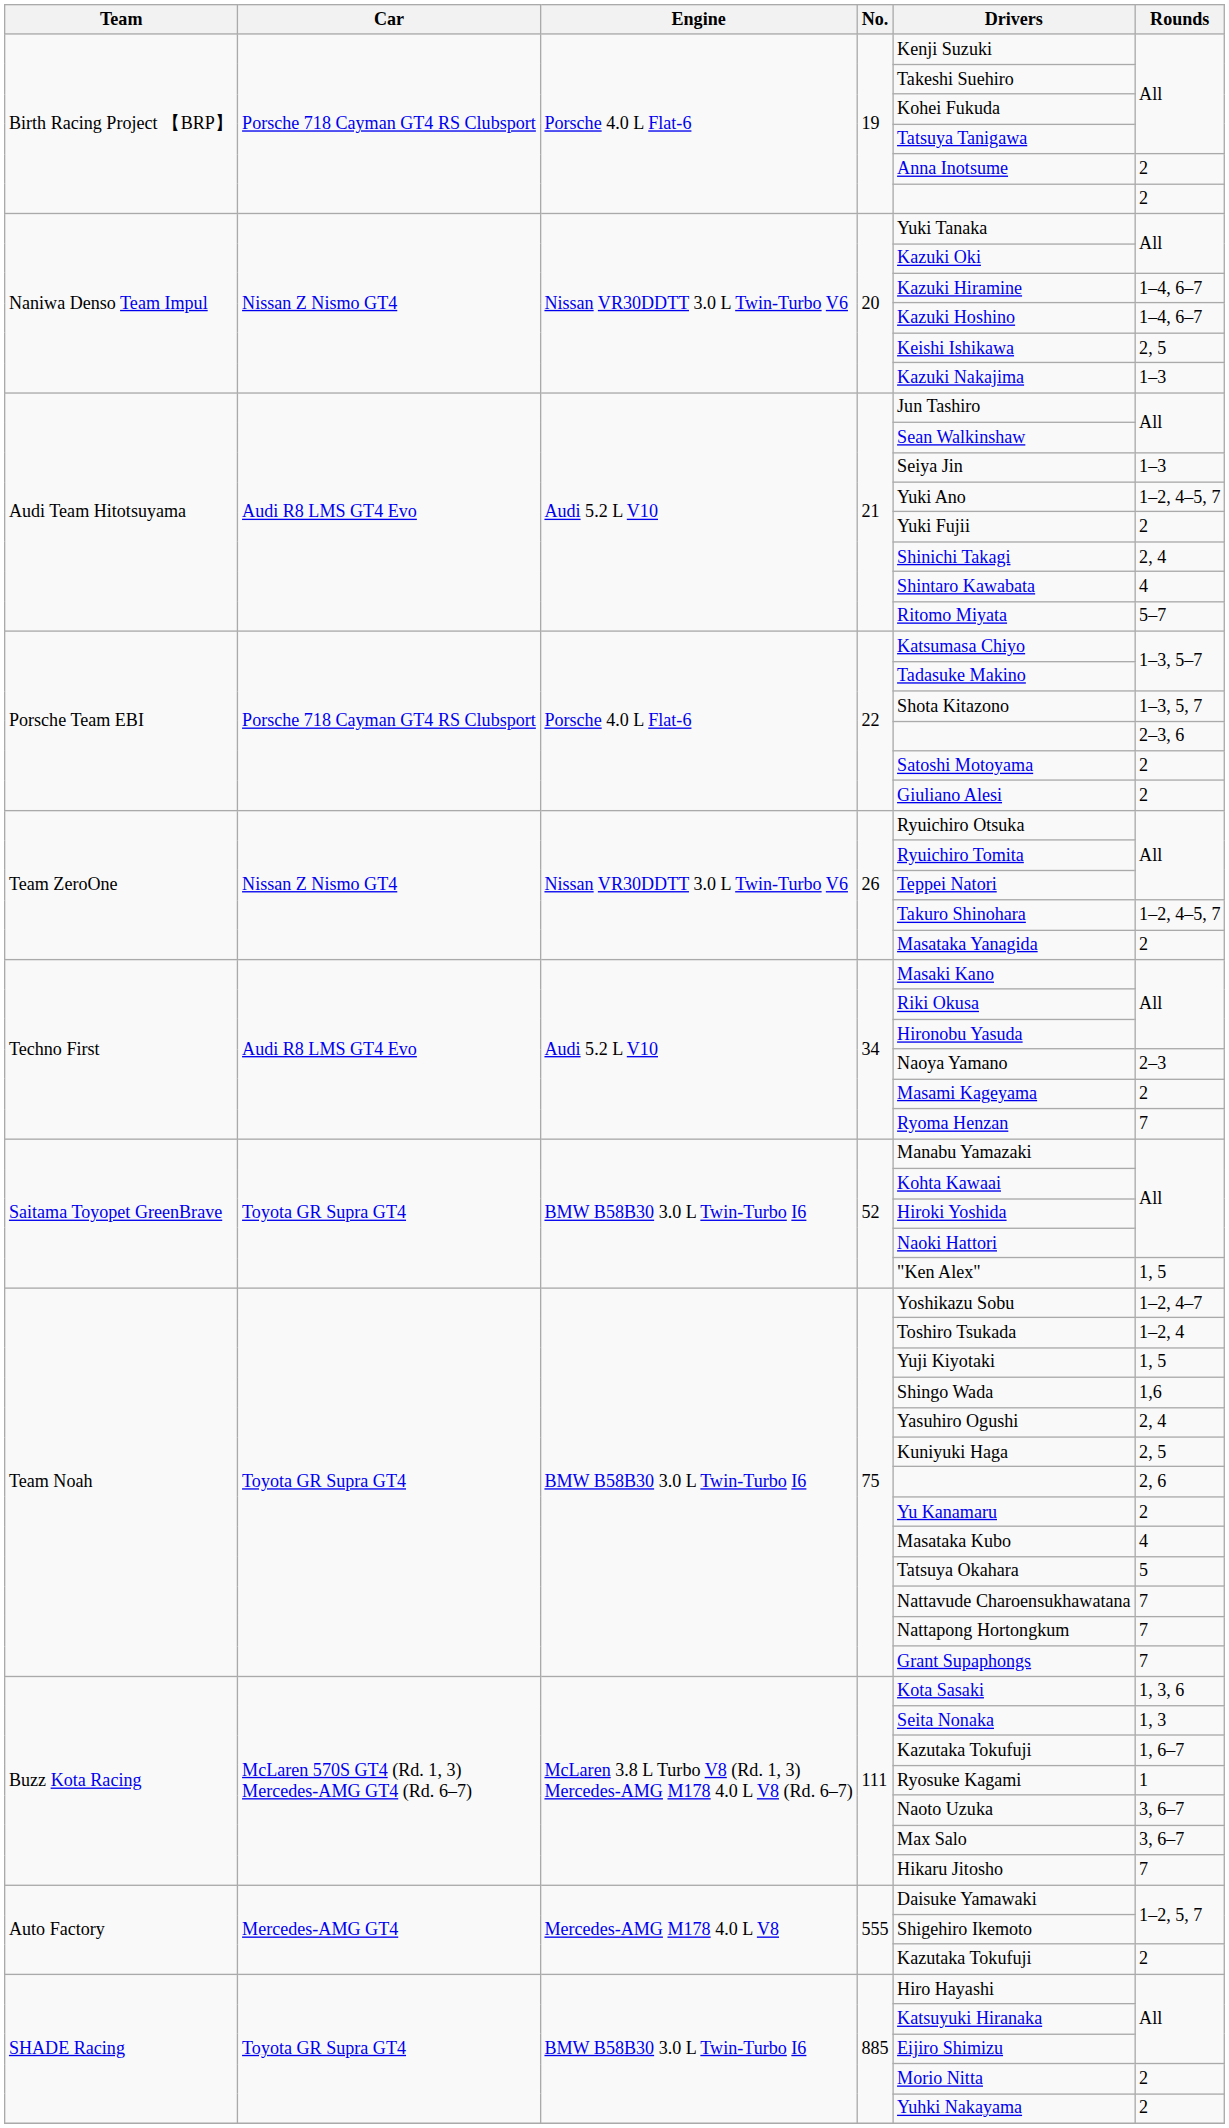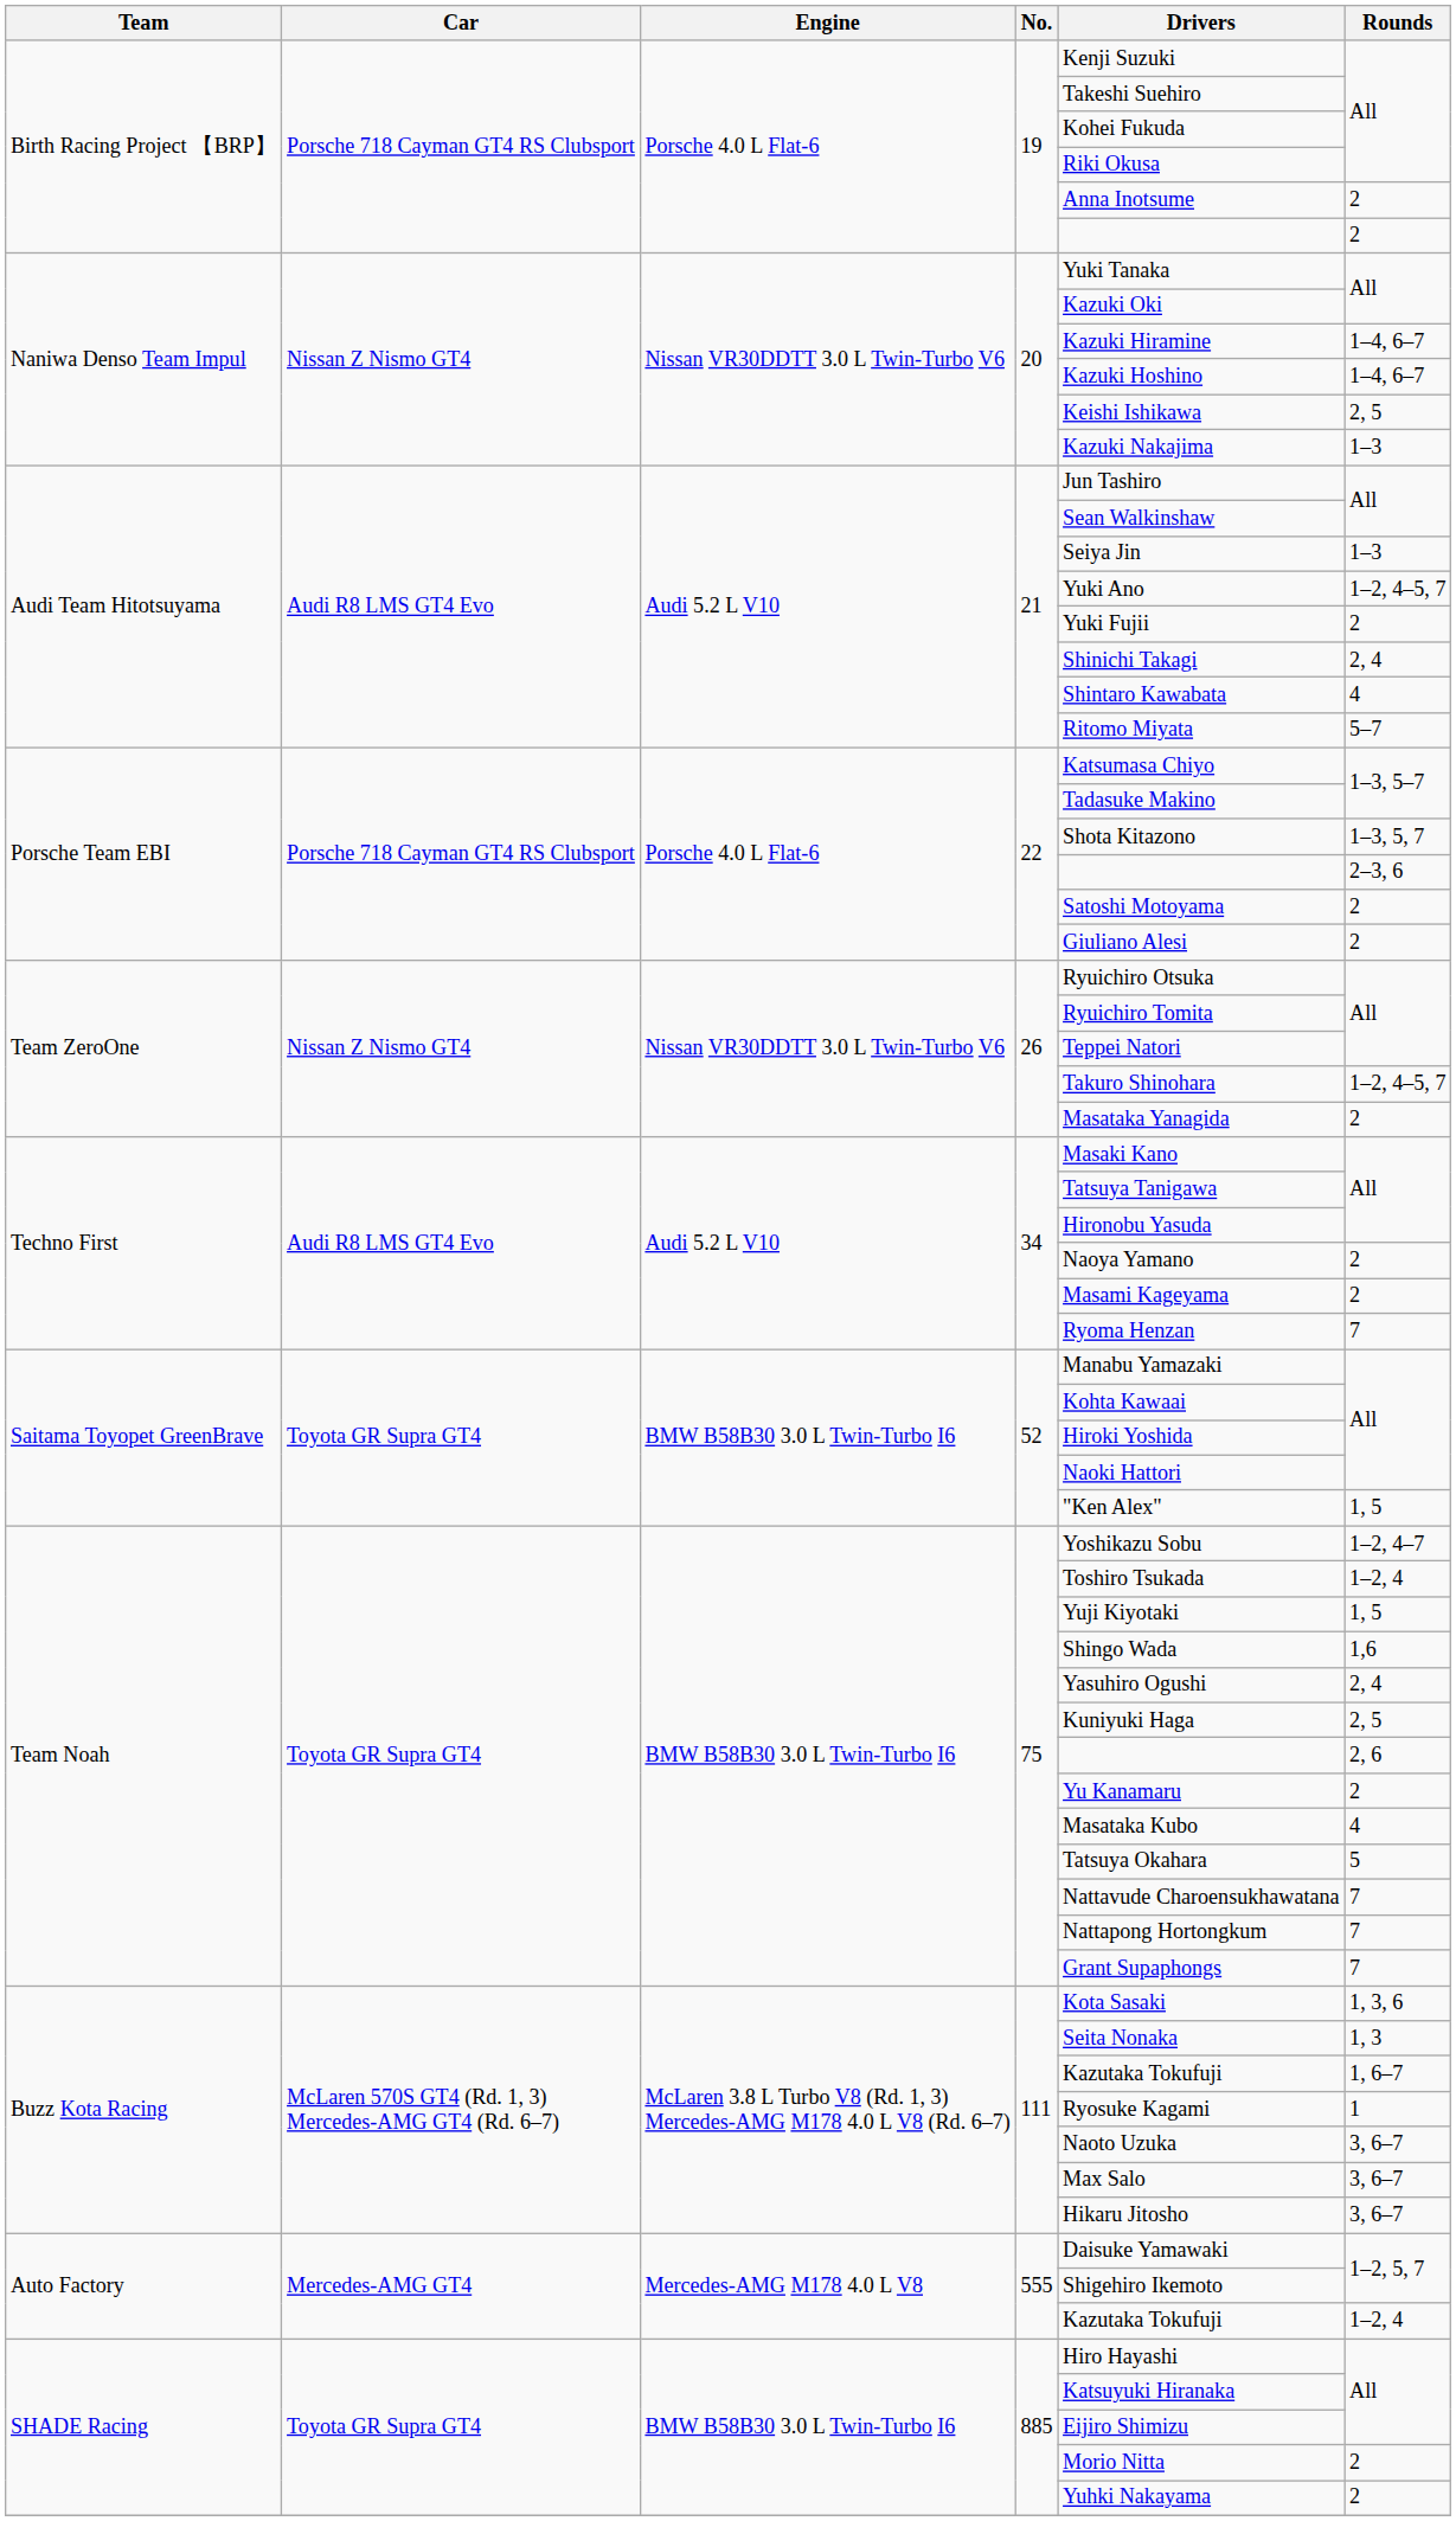 <table class="wikitable" style="font-size: 85%">
 <tr>
 <th>Team</th>
 <th>Car</th>
 <th>Engine</th>
 <th>No.</th>
 <th>Drivers</th>
 <th>Rounds</th>
 </tr>
 <tr>
 <td rowspan=6> Birth Racing Project 【BRP】</td>
 <td rowspan=6><a href='#'>Porsche 718 Cayman GT4 RS Clubsport</a></td>
 <td rowspan=6><a href='#'>Porsche</a> 4.0 L <a href='#'>Flat-6</a></td>
 <td rowspan=6>19</td>
 <td> Kenji Suzuki</td>
 <td rowspan=4>All</td>
 </tr>
 <tr>
 <td> Takeshi Suehiro</td>
 </tr>
 <tr>
 <td> Kohei Fukuda</td>
 </tr>
 <tr>
-<td> <a href='#'>Tatsuya Tanigawa</a></td>
+<td> <a href='#'>Riki Okusa</a></td>
 </tr>
 <tr>
 <td> <a href='#'>Anna Inotsume</a></td>
 <td>2</td>
 </tr>
 <tr>
 <td> </td>
 <td>2</td>
 </tr>
 <tr>
 <td rowspan=6> Naniwa Denso <a href='#'>Team Impul</a></td>
 <td rowspan=6><a href='#'>Nissan Z Nismo GT4</a></td>
 <td rowspan=6><a href='#'>Nissan</a> <a href='#'>VR30DDTT</a> 3.0 L <a href='#'>Twin-Turbo</a> <a href='#'>V6</a></td>
 <td rowspan=6>20</td>
 <td> Yuki Tanaka</td>
 <td rowspan=2>All</td>
 </tr>
 <tr>
 <td> <a href='#'>Kazuki Oki</a></td>
 </tr>
 <tr>
 <td> <a href='#'>Kazuki Hiramine</a></td>
 <td>1–4, 6–7</td>
 </tr>
 <tr>
 <td> <a href='#'>Kazuki Hoshino</a></td>
 <td>1–4, 6–7</td>
 </tr>
 <tr>
 <td> <a href='#'>Keishi Ishikawa</a></td>
 <td>2, 5</td>
 </tr>
 <tr>
 <td> <a href='#'>Kazuki Nakajima</a></td>
 <td>1–3</td>
 </tr>
 <tr>
 <td rowspan=8> Audi Team Hitotsuyama</td>
 <td rowspan=8><a href='#'>Audi R8 LMS GT4 Evo</a></td>
 <td rowspan=8><a href='#'>Audi</a> 5.2 L <a href='#'>V10</a></td>
 <td rowspan=8>21</td>
 <td> Jun Tashiro</td>
 <td rowspan=2>All</td>
 </tr>
 <tr>
 <td> <a href='#'>Sean Walkinshaw</a></td>
 </tr>
 <tr>
 <td> Seiya Jin</td>
 <td>1–3</td>
 </tr>
 <tr>
 <td> Yuki Ano</td>
 <td>1–2, 4–5, 7</td>
 </tr>
 <tr>
 <td> Yuki Fujii</td>
 <td>2</td>
 </tr>
 <tr>
 <td> <a href='#'>Shinichi Takagi</a></td>
 <td>2, 4</td>
 </tr>
 <tr>
 <td> <a href='#'>Shintaro Kawabata</a></td>
 <td>4</td>
 </tr>
 <tr>
 <td> <a href='#'>Ritomo Miyata</a></td>
 <td>5–7</td>
 </tr>
 <tr>
 <td rowspan=6>  Porsche Team EBI</td>
 <td rowspan=6><a href='#'>Porsche 718 Cayman GT4 RS Clubsport</a></td>
 <td rowspan=6><a href='#'>Porsche</a> 4.0 L <a href='#'>Flat-6</a></td>
 <td rowspan=6>22</td>
 <td> <a href='#'>Katsumasa Chiyo</a></td>
 <td rowspan=2>1–3, 5–7</td>
 </tr>
 <tr>
 <td> <a href='#'>Tadasuke Makino</a></td>
 </tr>
 <tr>
 <td> Shota Kitazono</td>
 <td>1–3, 5, 7</td>
 </tr>
 <tr>
 <td> </td>
 <td>2–3, 6</td>
 </tr>
 <tr>
 <td> <a href='#'>Satoshi Motoyama</a></td>
 <td>2</td>
 </tr>
 <tr>
 <td> <a href='#'>Giuliano Alesi</a></td>
 <td>2</td>
 </tr>
 <tr>
 <td rowspan=5> Team ZeroOne</td>
 <td rowspan=5><a href='#'>Nissan Z Nismo GT4</a></td>
 <td rowspan=5><a href='#'>Nissan</a> <a href='#'>VR30DDTT</a> 3.0 L <a href='#'>Twin-Turbo</a> <a href='#'>V6</a></td>
 <td rowspan=5>26</td>
 <td> Ryuichiro Otsuka</td>
 <td rowspan=3>All</td>
 </tr>
 <tr>
 <td> <a href='#'>Ryuichiro Tomita</a></td>
 </tr>
 <tr>
 <td> <a href='#'>Teppei Natori</a></td>
 </tr>
 <tr>
 <td> <a href='#'>Takuro Shinohara</a></td>
 <td>1–2, 4–5, 7</td>
 </tr>
 <tr>
 <td> <a href='#'>Masataka Yanagida</a></td>
 <td>2</td>
 </tr>
 <tr>
 <td rowspan=6> Techno First</td>
 <td rowspan=6><a href='#'>Audi R8 LMS GT4 Evo</a></td>
 <td rowspan=6><a href='#'>Audi</a> 5.2 L <a href='#'>V10</a></td>
 <td rowspan=6>34</td>
 <td> <a href='#'>Masaki Kano</a></td>
 <td rowspan=3>All</td>
 </tr>
 <tr>
-<td> <a href='#'>Riki Okusa</a></td>
+<td> <a href='#'>Tatsuya Tanigawa</a></td>
 </tr>
 <tr>
 <td> <a href='#'>Hironobu Yasuda</a></td>
 </tr>
 <tr>
 <td> Naoya Yamano</td>
-<td>2–3</td>
+<td>2</td>
 </tr>
 <tr>
 <td> <a href='#'>Masami Kageyama</a></td>
 <td>2</td>
 </tr>
 <tr>
 <td> <a href='#'>Ryoma Henzan</a></td>
 <td>7</td>
 </tr>
 <tr>
 <td rowspan=5> <a href='#'>Saitama Toyopet GreenBrave</a></td>
 <td rowspan=5><a href='#'>Toyota GR Supra GT4</a></td>
 <td rowspan=5><a href='#'>BMW B58B30</a> 3.0 L <a href='#'>Twin-Turbo</a> <a href='#'>I6</a></td>
 <td rowspan=5>52</td>
 <td> Manabu Yamazaki</td>
 <td rowspan=4>All</td>
 </tr>
 <tr>
 <td> <a href='#'>Kohta Kawaai</a></td>
 </tr>
 <tr>
 <td> <a href='#'>Hiroki Yoshida</a></td>
 </tr>
 <tr>
 <td> <a href='#'>Naoki Hattori</a></td>
 </tr>
 <tr>
 <td> "Ken Alex"</td>
 <td>1, 5</td>
 </tr>
 <tr>
 <td rowspan=13> Team Noah</td>
 <td rowspan=13><a href='#'>Toyota GR Supra GT4</a></td>
 <td rowspan=13><a href='#'>BMW B58B30</a> 3.0 L <a href='#'>Twin-Turbo</a> <a href='#'>I6</a></td>
 <td rowspan=13>75</td>
 <td> Yoshikazu Sobu</td>
 <td>1–2, 4–7</td>
 </tr>
 <tr>
 <td> Toshiro Tsukada</td>
 <td>1–2, 4</td>
 </tr>
 <tr>
 <td> Yuji Kiyotaki</td>
 <td>1, 5</td>
 </tr>
 <tr>
 <td> Shingo Wada</td>
 <td>1,6</td>
 </tr>
 <tr>
 <td> Yasuhiro Ogushi</td>
 <td>2, 4</td>
 </tr>
 <tr>
 <td> Kuniyuki Haga</td>
 <td>2, 5</td>
 </tr>
 <tr>
 <td> </td>
 <td>2, 6</td>
 </tr>
 <tr>
 <td> <a href='#'>Yu Kanamaru</a></td>
 <td>2</td>
 </tr>
 <tr>
 <td> Masataka Kubo</td>
 <td>4</td>
 </tr>
 <tr>
 <td> Tatsuya Okahara</td>
 <td>5</td>
 </tr>
 <tr>
 <td> Nattavude Charoensukhawatana</td>
 <td>7</td>
 </tr>
 <tr>
 <td> Nattapong Hortongkum</td>
 <td>7</td>
 </tr>
 <tr>
 <td> <a href='#'>Grant Supaphongs</a></td>
 <td>7</td>
 </tr>
 <tr>
 <td rowspan=7> Buzz <a href='#'>Kota Racing</a></td>
 <td rowspan=7><a href='#'>McLaren 570S GT4</a> (Rd. 1, 3)<br><a href='#'>Mercedes-AMG GT4</a> (Rd. 6–7)</td>
 <td rowspan=7><a href='#'>McLaren</a> 3.8 L Turbo <a href='#'>V8</a> (Rd. 1, 3)<br><a href='#'>Mercedes-AMG</a> <a href='#'>M178</a> 4.0 L <a href='#'>V8</a> (Rd. 6–7)</td>
 <td rowspan=7>111</td>
 <td> <a href='#'>Kota Sasaki</a></td>
 <td>1, 3, 6</td>
 </tr>
 <tr>
 <td> <a href='#'>Seita Nonaka</a></td>
 <td>1, 3</td>
 </tr>
 <tr>
 <td> Kazutaka Tokufuji</td>
 <td>1, 6–7</td>
 </tr>
 <tr>
 <td> Ryosuke Kagami</td>
 <td>1</td>
 </tr>
 <tr>
 <td> Naoto Uzuka</td>
 <td>3, 6–7</td>
 </tr>
 <tr>
 <td> Max Salo</td>
 <td>3, 6–7</td>
 </tr>
 <tr>
 <td> Hikaru Jitosho</td>
-<td>7</td>
+<td>3, 6–7</td>
 </tr>
 <tr>
 <td rowspan=3> Auto Factory</td>
 <td rowspan=3><a href='#'>Mercedes-AMG GT4</a></td>
 <td rowspan=3><a href='#'>Mercedes-AMG</a> <a href='#'>M178</a> 4.0 L <a href='#'>V8</a></td>
 <td rowspan=3>555</td>
 <td> Daisuke Yamawaki</td>
 <td rowspan=2>1–2, 5, 7</td>
 </tr>
 <tr>
 <td> Shigehiro Ikemoto</td>
 </tr>
 <tr>
 <td> Kazutaka Tokufuji</td>
-<td>2</td>
+<td>1–2, 4</td>
 </tr>
 <tr>
 <td rowspan=5> <a href='#'>SHADE Racing</a></td>
 <td rowspan=5><a href='#'>Toyota GR Supra GT4</a></td>
 <td rowspan=5><a href='#'>BMW B58B30</a> 3.0 L <a href='#'>Twin-Turbo</a> <a href='#'>I6</a></td>
 <td rowspan=5>885</td>
 <td> Hiro Hayashi</td>
 <td rowspan=3>All</td>
 </tr>
 <tr>
 <td> <a href='#'>Katsuyuki Hiranaka</a></td>
 </tr>
 <tr>
 <td> <a href='#'>Eijiro Shimizu</a></td>
 </tr>
 <tr>
 <td> <a href='#'>Morio Nitta</a></td>
 <td>2</td>
 </tr>
 <tr>
 <td> <a href='#'>Yuhki Nakayama</a></td>
 <td>2</td>
 </tr>
 <tr>
 </tr>
 </table>
